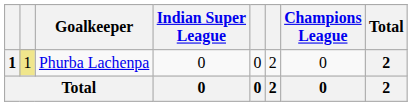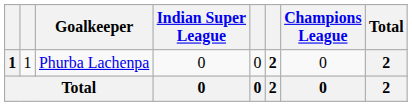 <table class="wikitable sortable" style="text-align:center; font-size:90%;">
 <tr>
 <th></th>
 <th></th>
 <th>Goalkeeper</th>
 <th><a href='#'>Indian Super<br>League</a></th>
 <th></th>
 <th></th>
 <th><a href='#'>Champions<br>League</a></th>
 <th>Total</th>
 </tr>
 <tr>
 <th>1</th>
-<td style="background: khaki;">1</td>
+<td>1</td>
 <td style="text-align:left;"> <a href='#'>Phurba Lachenpa</a></td>
 <td>0</td>
 <td>0</td>
-<td>2</td>
+<td><strong>2</strong></td>
 <td>0</td>
 <th>2</th>
 </tr>
 <tr>
 <th colspan="3">Total</th>
 <th>0</th>
 <th>0</th>
 <th>2</th>
 <th>0</th>
 <th>2</th>
 </tr>
 </table>
